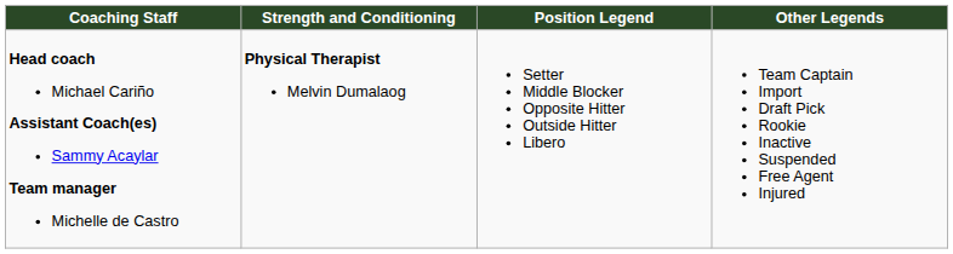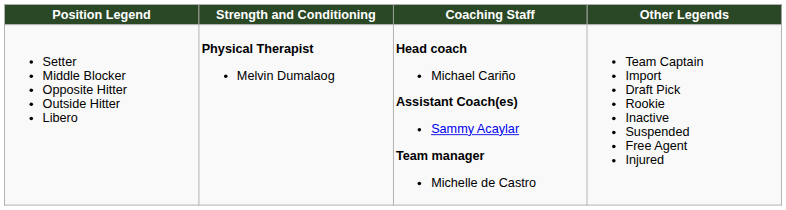 <table class=wikitable style="font-size:90%; width:100%">
 <tr>
+<th style="background:#2A4826; color:white;" width="25%">Position Legend</th>
+<th style="background:#2A4826; color:white;" width="25%">Strength and Conditioning</th>
 <th style="background:#2A4826; color:white;" width="25%">Coaching Staff</th>
-<th style="background:#2A4826; color:white;" width="25%">Strength and Conditioning</th>
-<th style="background:#2A4826; color:white;" width="25%">Position Legend</th>
 <th style="background:#2A4826; color:white;" width="25%">Other Legends</th>
 </tr>
 <tr>
+<td valign="top"><br><ul><li> Setter</li><li> Middle Blocker</li><li> Opposite Hitter</li><li> Outside Hitter</li><li> Libero</li></ul></td>
+<td valign="top"><br><strong>Physical Therapist</strong><ul><li>Melvin Dumalaog</li></ul></td>
 <td valign="top"><br><strong>Head coach</strong><ul><li>Michael Cariño</li></ul><strong>Assistant Coach(es)</strong><ul><li><a href='#'>Sammy Acaylar</a></li></ul><strong>Team manager</strong><ul><li>Michelle de Castro</li></ul></td>
-<td valign="top"><br><strong>Physical Therapist</strong><ul><li>Melvin Dumalaog</li></ul></td>
-<td valign="top"><br><ul><li> Setter</li><li> Middle Blocker</li><li> Opposite Hitter</li><li> Outside Hitter</li><li> Libero</li></ul></td>
 <td valign="top"><br><ul><li> Team Captain</li><li> Import</li><li> Draft Pick</li><li> Rookie</li><li> Inactive</li><li> Suspended</li><li> Free Agent</li><li> Injured</li></ul></td>
 </tr>
 </table>
